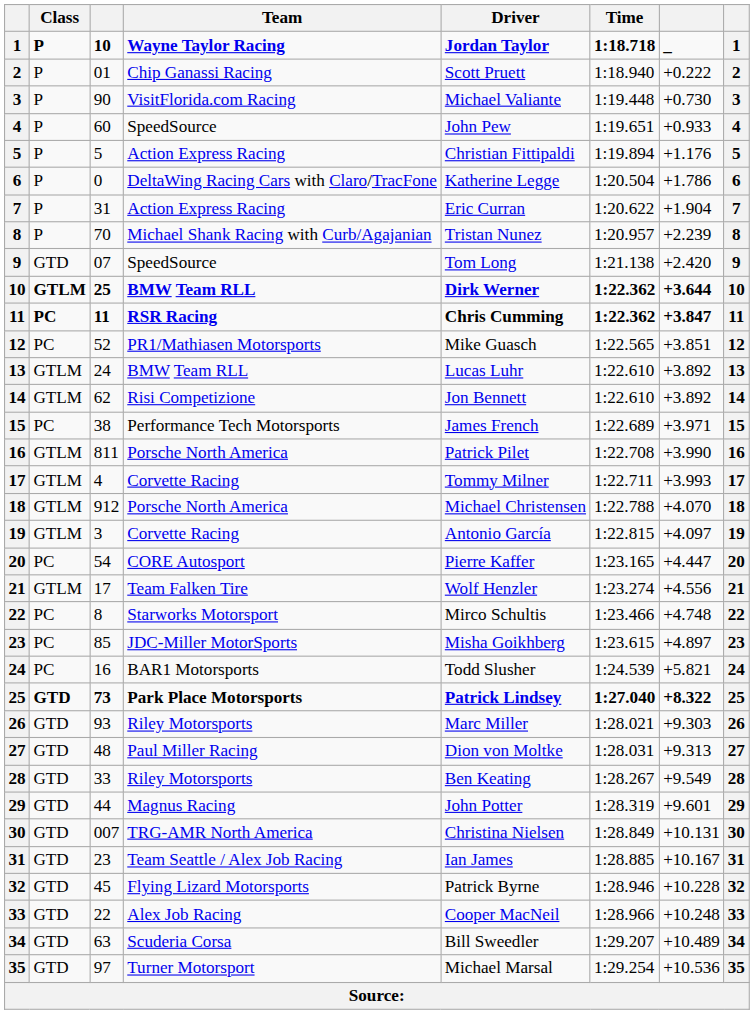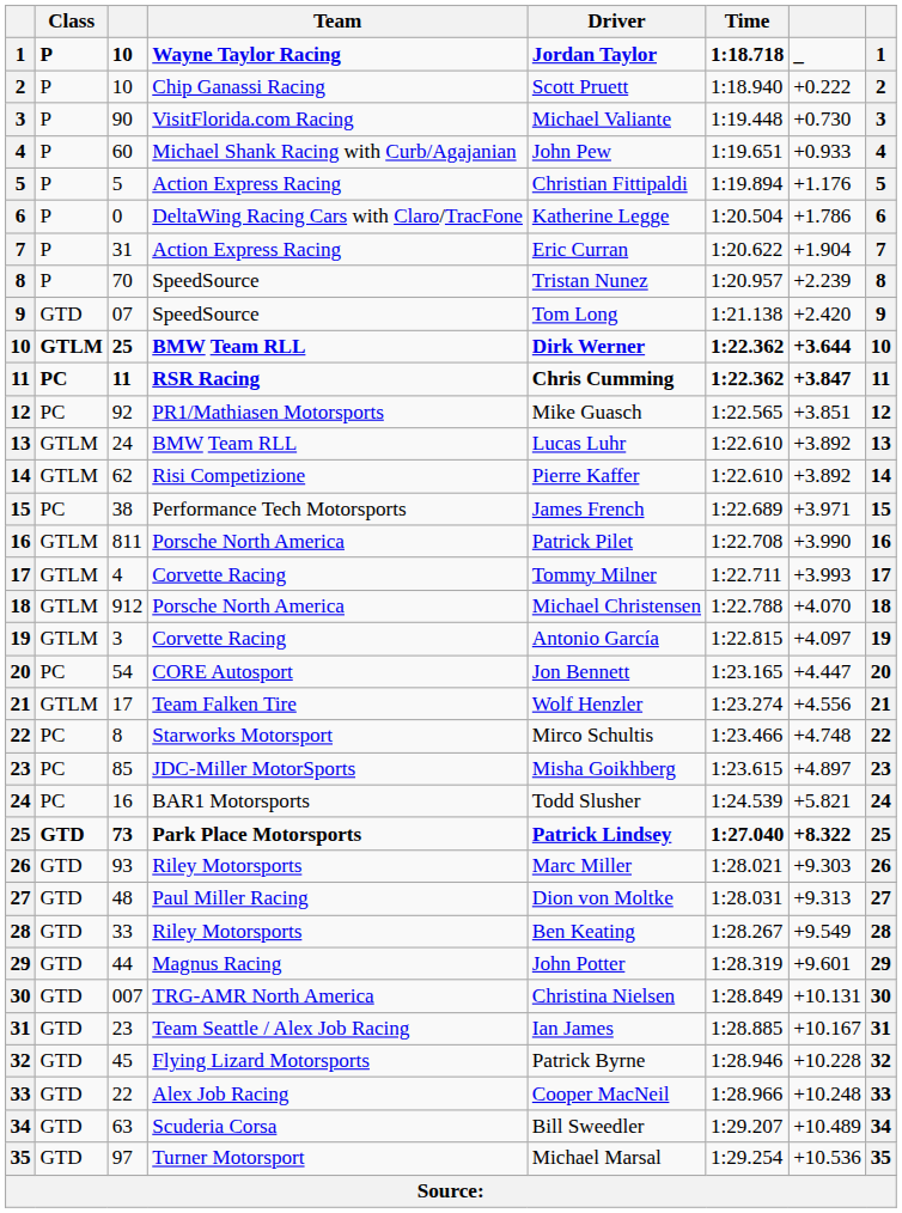 <table class="wikitable">
 <tr>
 <th></th>
 <th>Class</th>
 <th></th>
 <th>Team</th>
 <th>Driver</th>
 <th>Time</th>
 <th></th>
 <th></th>
 </tr>
 <tr>
 <th>1</th>
 <td><strong>P</strong></td>
 <td><strong>10</strong></td>
 <td><strong> <a href='#'>Wayne Taylor Racing</a></strong></td>
 <td><strong> <a href='#'>Jordan Taylor</a></strong></td>
 <td><strong>1:18.718</strong></td>
 <td><strong>_</strong></td>
 <th>1</th>
 </tr>
 <tr>
 <th>2</th>
 <td>P</td>
-<td>01</td>
+<td>10</td>
 <td> <a href='#'>Chip Ganassi Racing</a></td>
 <td> <a href='#'>Scott Pruett</a></td>
 <td>1:18.940</td>
 <td>+0.222</td>
 <th>2</th>
 </tr>
 <tr>
 <th>3</th>
 <td>P</td>
 <td>90</td>
 <td> <a href='#'>VisitFlorida.com Racing</a></td>
 <td> <a href='#'>Michael Valiante</a></td>
 <td>1:19.448</td>
 <td>+0.730</td>
 <th>3</th>
 </tr>
 <tr>
 <th>4</th>
 <td>P</td>
 <td>60</td>
-<td> SpeedSource</td>
+<td> <a href='#'>Michael Shank Racing</a> with <a href='#'>Curb/Agajanian</a></td>
 <td> <a href='#'>John Pew</a></td>
 <td>1:19.651</td>
 <td>+0.933</td>
 <th>4</th>
 </tr>
 <tr>
 <th>5</th>
 <td>P</td>
 <td>5</td>
 <td> <a href='#'>Action Express Racing</a></td>
 <td> <a href='#'>Christian Fittipaldi</a></td>
 <td>1:19.894</td>
 <td>+1.176</td>
 <th>5</th>
 </tr>
 <tr>
 <th>6</th>
 <td>P</td>
 <td>0</td>
 <td> <a href='#'>DeltaWing Racing Cars</a> with <a href='#'>Claro</a>/<a href='#'>TracFone</a></td>
 <td> <a href='#'>Katherine Legge</a></td>
 <td>1:20.504</td>
 <td>+1.786</td>
 <th>6</th>
 </tr>
 <tr>
 <th>7</th>
 <td>P</td>
 <td>31</td>
 <td> <a href='#'>Action Express Racing</a></td>
 <td> <a href='#'>Eric Curran</a></td>
 <td>1:20.622</td>
 <td>+1.904</td>
 <th>7</th>
 </tr>
 <tr>
 <th>8</th>
 <td>P</td>
 <td>70</td>
-<td> <a href='#'>Michael Shank Racing</a> with <a href='#'>Curb/Agajanian</a></td>
+<td> SpeedSource</td>
 <td> <a href='#'>Tristan Nunez</a></td>
 <td>1:20.957</td>
 <td>+2.239</td>
 <th>8</th>
 </tr>
 <tr>
 <th>9</th>
 <td>GTD</td>
 <td>07</td>
 <td> SpeedSource</td>
 <td> <a href='#'>Tom Long</a></td>
 <td>1:21.138</td>
 <td>+2.420</td>
 <th>9</th>
 </tr>
 <tr>
 <th>10</th>
 <td><strong>GTLM</strong></td>
 <td><strong>25</strong></td>
 <td><strong> <a href='#'>BMW</a> <a href='#'>Team RLL</a></strong></td>
 <td><strong> <a href='#'>Dirk Werner</a></strong></td>
 <td><strong>1:22.362</strong></td>
 <td><strong>+3.644</strong></td>
 <th>10</th>
 </tr>
 <tr>
 <th>11</th>
 <td><strong>PC</strong></td>
 <td><strong>11</strong></td>
 <td><strong> <a href='#'>RSR Racing</a></strong></td>
 <td><strong> Chris Cumming</strong></td>
 <td><strong>1:22.362</strong></td>
 <td><strong>+3.847</strong></td>
 <th>11</th>
 </tr>
 <tr>
 <th>12</th>
 <td>PC</td>
-<td>52</td>
+<td>92</td>
 <td> <a href='#'>PR1/Mathiasen Motorsports</a></td>
 <td> Mike Guasch</td>
 <td>1:22.565</td>
 <td>+3.851</td>
 <th>12</th>
 </tr>
 <tr>
 <th>13</th>
 <td>GTLM</td>
 <td>24</td>
 <td> <a href='#'>BMW</a> <a href='#'>Team RLL</a></td>
 <td> <a href='#'>Lucas Luhr</a></td>
 <td>1:22.610</td>
 <td>+3.892</td>
 <th>13</th>
 </tr>
 <tr>
 <th>14</th>
 <td>GTLM</td>
 <td>62</td>
 <td> <a href='#'>Risi Competizione</a></td>
-<td> <a href='#'>Jon Bennett</a></td>
+<td> <a href='#'>Pierre Kaffer</a></td>
 <td>1:22.610</td>
 <td>+3.892</td>
 <th>14</th>
 </tr>
 <tr>
 <th>15</th>
 <td>PC</td>
 <td>38</td>
 <td> Performance Tech Motorsports</td>
 <td> <a href='#'>James French</a></td>
 <td>1:22.689</td>
 <td>+3.971</td>
 <th>15</th>
 </tr>
 <tr>
 <th>16</th>
 <td>GTLM</td>
 <td>811</td>
 <td> <a href='#'>Porsche North America</a></td>
 <td> <a href='#'>Patrick Pilet</a></td>
 <td>1:22.708</td>
 <td>+3.990</td>
 <th>16</th>
 </tr>
 <tr>
 <th>17</th>
 <td>GTLM</td>
 <td>4</td>
 <td> <a href='#'>Corvette Racing</a></td>
 <td> <a href='#'>Tommy Milner</a></td>
 <td>1:22.711</td>
 <td>+3.993</td>
 <th>17</th>
 </tr>
 <tr>
 <th>18</th>
 <td>GTLM</td>
 <td>912</td>
 <td> <a href='#'>Porsche North America</a></td>
 <td> <a href='#'>Michael Christensen</a></td>
 <td>1:22.788</td>
 <td>+4.070</td>
 <th>18</th>
 </tr>
 <tr>
 <th>19</th>
 <td>GTLM</td>
 <td>3</td>
 <td> <a href='#'>Corvette Racing</a></td>
 <td> <a href='#'>Antonio García</a></td>
 <td>1:22.815</td>
 <td>+4.097</td>
 <th>19</th>
 </tr>
 <tr>
 <th>20</th>
 <td>PC</td>
 <td>54</td>
 <td> <a href='#'>CORE Autosport</a></td>
-<td> <a href='#'>Pierre Kaffer</a></td>
+<td> <a href='#'>Jon Bennett</a></td>
 <td>1:23.165</td>
 <td>+4.447</td>
 <th>20</th>
 </tr>
 <tr>
 <th>21</th>
 <td>GTLM</td>
 <td>17</td>
 <td> <a href='#'>Team Falken Tire</a></td>
 <td> <a href='#'>Wolf Henzler</a></td>
 <td>1:23.274</td>
 <td>+4.556</td>
 <th>21</th>
 </tr>
 <tr>
 <th>22</th>
 <td>PC</td>
 <td>8</td>
 <td> <a href='#'>Starworks Motorsport</a></td>
 <td> Mirco Schultis</td>
 <td>1:23.466</td>
 <td>+4.748</td>
 <th>22</th>
 </tr>
 <tr>
 <th>23</th>
 <td>PC</td>
 <td>85</td>
 <td> <a href='#'>JDC-Miller MotorSports</a></td>
 <td> <a href='#'>Misha Goikhberg</a></td>
 <td>1:23.615</td>
 <td>+4.897</td>
 <th>23</th>
 </tr>
 <tr>
 <th>24</th>
 <td>PC</td>
 <td>16</td>
 <td> BAR1 Motorsports</td>
 <td> Todd Slusher</td>
 <td>1:24.539</td>
 <td>+5.821</td>
 <th>24</th>
 </tr>
 <tr>
 <th>25</th>
 <td><strong>GTD</strong></td>
 <td><strong>73</strong></td>
 <td><strong> Park Place Motorsports</strong></td>
 <td><strong> <a href='#'>Patrick Lindsey</a></strong></td>
 <td><strong>1:27.040</strong></td>
 <td><strong>+8.322</strong></td>
 <th>25</th>
 </tr>
 <tr>
 <th>26</th>
 <td>GTD</td>
 <td>93</td>
 <td> <a href='#'>Riley Motorsports</a></td>
 <td> <a href='#'>Marc Miller</a></td>
 <td>1:28.021</td>
 <td>+9.303</td>
 <th>26</th>
 </tr>
 <tr>
 <th>27</th>
 <td>GTD</td>
 <td>48</td>
 <td> <a href='#'>Paul Miller Racing</a></td>
 <td> <a href='#'>Dion von Moltke</a></td>
 <td>1:28.031</td>
 <td>+9.313</td>
 <th>27</th>
 </tr>
 <tr>
 <th>28</th>
 <td>GTD</td>
 <td>33</td>
 <td> <a href='#'>Riley Motorsports</a></td>
 <td> <a href='#'>Ben Keating</a></td>
 <td>1:28.267</td>
 <td>+9.549</td>
 <th>28</th>
 </tr>
 <tr>
 <th>29</th>
 <td>GTD</td>
 <td>44</td>
 <td> <a href='#'>Magnus Racing</a></td>
 <td> <a href='#'>John Potter</a></td>
 <td>1:28.319</td>
 <td>+9.601</td>
 <th>29</th>
 </tr>
 <tr>
 <th>30</th>
 <td>GTD</td>
 <td>007</td>
 <td> <a href='#'>TRG-AMR North America</a></td>
 <td> <a href='#'>Christina Nielsen</a></td>
 <td>1:28.849</td>
 <td>+10.131</td>
 <th>30</th>
 </tr>
 <tr>
 <th>31</th>
 <td>GTD</td>
 <td>23</td>
 <td> <a href='#'>Team Seattle / Alex Job Racing</a></td>
 <td> <a href='#'>Ian James</a></td>
 <td>1:28.885</td>
 <td>+10.167</td>
 <th>31</th>
 </tr>
 <tr>
 <th>32</th>
 <td>GTD</td>
 <td>45</td>
 <td> <a href='#'>Flying Lizard Motorsports</a></td>
 <td> Patrick Byrne</td>
 <td>1:28.946</td>
 <td>+10.228</td>
 <th>32</th>
 </tr>
 <tr>
 <th>33</th>
 <td>GTD</td>
 <td>22</td>
 <td> <a href='#'>Alex Job Racing</a></td>
 <td> <a href='#'>Cooper MacNeil</a></td>
 <td>1:28.966</td>
 <td>+10.248</td>
 <th>33</th>
 </tr>
 <tr>
 <th>34</th>
 <td>GTD</td>
 <td>63</td>
 <td> <a href='#'>Scuderia Corsa</a></td>
 <td> Bill Sweedler</td>
 <td>1:29.207</td>
 <td>+10.489</td>
 <th>34</th>
 </tr>
 <tr>
 <th>35</th>
 <td>GTD</td>
 <td>97</td>
 <td> <a href='#'>Turner Motorsport</a></td>
 <td> Michael Marsal</td>
 <td>1:29.254</td>
 <td>+10.536</td>
 <th>35</th>
 </tr>
 <tr>
 <th colspan="8">Source:</th>
 </tr>
 </table>
